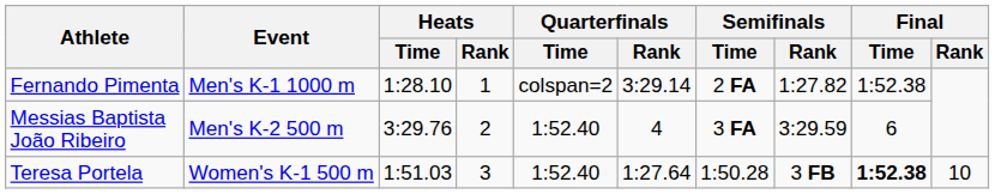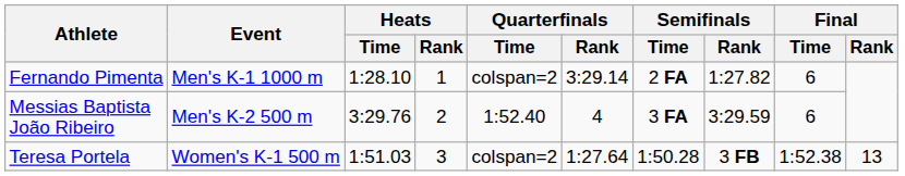 <table class=wikitable style="font-size:90%">
 <tr>
 <th rowspan="2">Athlete</th>
 <th rowspan="2">Event</th>
 <th colspan=2>Heats</th>
 <th colspan=2>Quarterfinals</th>
 <th colspan=2>Semifinals</th>
 <th colspan=2>Final</th>
 </tr>
 <tr style="font-size:95%">
 <th>Time</th>
 <th>Rank</th>
 <th>Time</th>
 <th>Rank</th>
 <th>Time</th>
 <th>Rank</th>
 <th>Time</th>
 <th>Rank</th>
 </tr>
 <tr align=center>
 <td align=left><a href='#'>Fernando Pimenta</a></td>
 <td align=left><a href='#'>Men's K-1 1000 m</a></td>
 <td>1:28.10</td>
 <td>1</td>
 <td>colspan=2 </td>
 <td>3:29.14</td>
 <td>2 <strong>FA</strong></td>
 <td>1:27.82</td>
-<td>1:52.38</td>
+<td>6</td>
 </tr>
 <tr align=center>
 <td align=left><a href='#'>Messias Baptista</a><br><a href='#'>João Ribeiro</a></td>
 <td align=left><a href='#'>Men's K-2 500 m</a></td>
 <td>3:29.76</td>
 <td>2</td>
 <td>1:52.40</td>
 <td>4</td>
 <td>3 <strong>FA</strong></td>
 <td>3:29.59</td>
 <td>6</td>
 </tr>
 <tr align=center>
 <td align=left><a href='#'>Teresa Portela</a></td>
 <td align=left><a href='#'>Women's K-1 500 m</a></td>
 <td>1:51.03</td>
 <td>3</td>
-<td>1:52.40</td>
+<td>colspan=2 </td>
 <td>1:27.64</td>
 <td>1:50.28</td>
 <td>3 <strong>FB</strong></td>
-<td><strong>1:52.38</strong></td>
-<td>10</td>
+<td>1:52.38</td>
+<td>13</td>
 </tr>
 </table>
